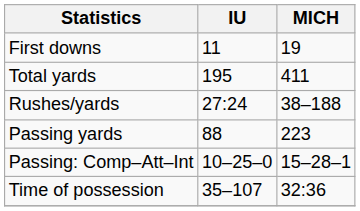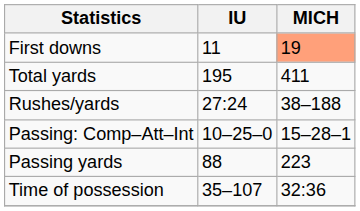 <table class="wikitable" style="float: left;">
 <tr>
 <th>Statistics</th>
 <th>IU</th>
 <th>MICH</th>
 </tr>
 <tr>
 <td>First downs</td>
 <td>11</td>
-<td>19</td>
+<td style="background: lightsalmon;">19</td>
 </tr>
 <tr>
 <td>Total yards</td>
 <td>195</td>
 <td>411</td>
 </tr>
 <tr>
 <td>Rushes/yards</td>
 <td>27:24</td>
 <td>38–188</td>
 </tr>
 <tr>
+<td>Passing: Comp–Att–Int</td>
+<td>10–25–0</td>
+<td>15–28–1</td>
+</tr>
+<tr>
 <td>Passing yards</td>
 <td>88</td>
 <td>223</td>
-</tr>
-<tr>
-<td>Passing: Comp–Att–Int</td>
-<td>10–25–0</td>
-<td>15–28–1</td>
 </tr>
 <tr>
 <td>Time of possession</td>
 <td>35–107</td>
 <td>32:36</td>
 </tr>
 <tr>
 </tr>
 </table>
